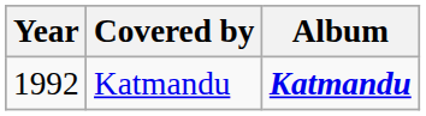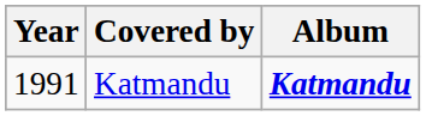 <table class="wikitable">
 <tr>
 <th>Year</th>
 <th>Covered by</th>
 <th>Album</th>
 </tr>
 <tr>
-<td>1992</td>
+<td>1991</td>
 <td><a href='#'>Katmandu</a></td>
 <td><strong><em><a href='#'>Katmandu</a></em></strong></td>
 </tr>
 </table>
